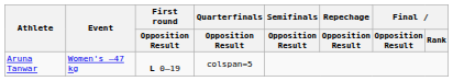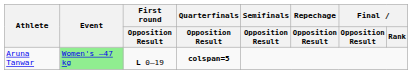 <table class="wikitable" style="font-size:90%;">
 <tr>
 <th rowspan=2>Athlete</th>
 <th rowspan=2>Event</th>
 <th>First round</th>
 <th>Quarterfinals</th>
 <th>Semifinals</th>
 <th>Repechage</th>
 <th colspan=2>Final / </th>
 </tr>
 <tr style="font-size:95%">
 <th>Opposition<br>Result</th>
 <th>Opposition<br>Result</th>
 <th>Opposition<br>Result</th>
 <th>Opposition<br>Result</th>
 <th>Opposition<br>Result</th>
 <th>Rank</th>
 </tr>
 <tr align=center>
 <td align=left><a href='#'>Aruna Tanwar</a></td>
-<td align=left><a href='#'>Women's –47 kg</a></td>
+<td align=left style="background: lightgreen;"><a href='#'>Women's –47 kg</a></td>
 <td><br><strong>L</strong> 0–19</td>
-<td>colspan=5 </td>
+<td><strong>colspan=5 </strong></td>
 </tr>
 </table>
